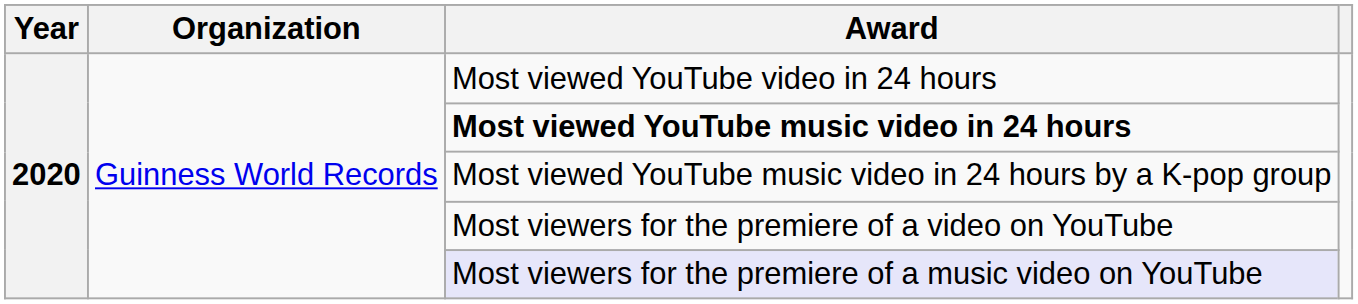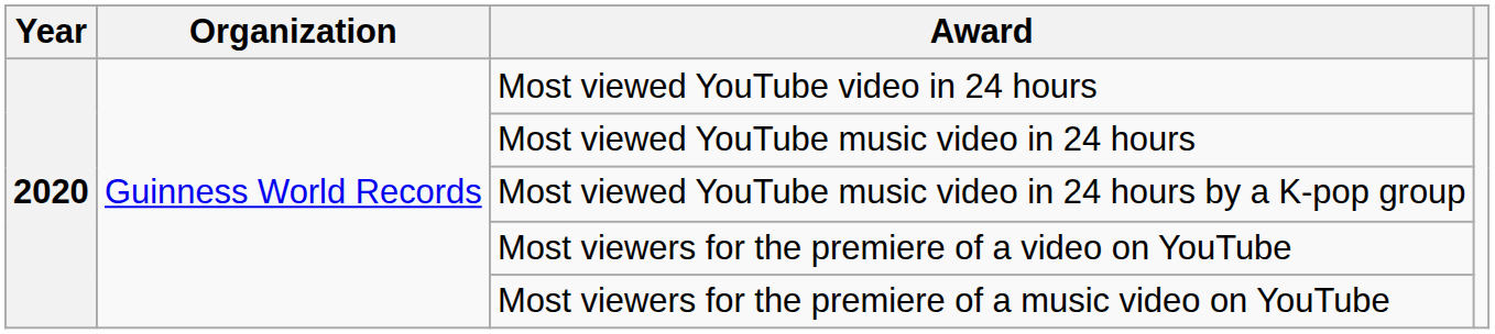 <table class="wikitable plainrowheaders">
 <tr>
 <th scope="col">Year</th>
 <th scope="col">Organization</th>
 <th scope="col">Award</th>
 <th scope="col"></th>
 </tr>
 <tr>
 <th rowspan="5" scope="row">2020</th>
 <td rowspan="5"><a href='#'>Guinness World Records</a></td>
 <td>  Most viewed YouTube video in 24 hours</td>
 <td rowspan="5" style="text-align:center;"></td>
 </tr>
 <tr>
-<td><strong>  Most viewed YouTube music video in 24 hours</strong></td>
+<td>  Most viewed YouTube music video in 24 hours</td>
 </tr>
 <tr>
 <td>  Most viewed YouTube music video in 24 hours by a K-pop group</td>
 </tr>
 <tr>
 <td>  Most viewers for the premiere of a video on YouTube</td>
 </tr>
 <tr>
-<td style="background: lavender;">  Most viewers for the premiere of a music video on YouTube</td>
+<td>  Most viewers for the premiere of a music video on YouTube</td>
 </tr>
 </table>
